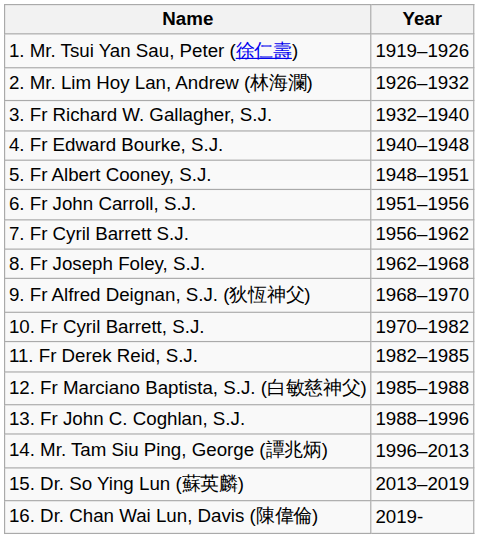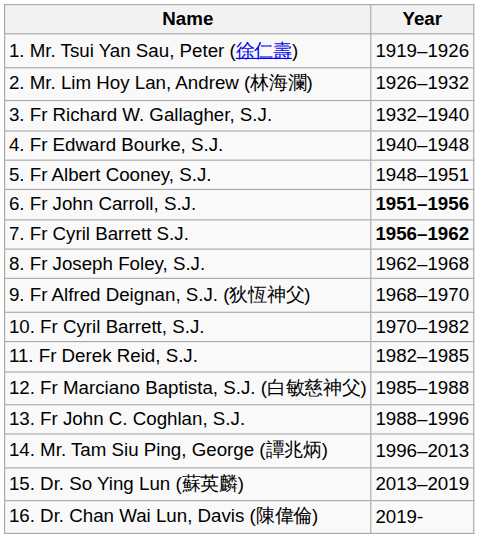 <table class="wikitable">
 <tr>
 <th>Name</th>
 <th>Year</th>
 </tr>
 <tr>
 <td>1. Mr. Tsui Yan Sau, Peter (<a href='#'>徐仁壽</a>)</td>
 <td>1919–1926</td>
 </tr>
 <tr>
 <td>2. Mr. Lim Hoy Lan, Andrew (林海瀾)</td>
 <td>1926–1932</td>
 </tr>
 <tr>
 <td>3. Fr Richard W. Gallagher, S.J.</td>
 <td>1932–1940</td>
 </tr>
 <tr>
 <td>4. Fr Edward Bourke, S.J.</td>
 <td>1940–1948</td>
 </tr>
 <tr>
 <td>5. Fr Albert Cooney, S.J.</td>
 <td>1948–1951</td>
 </tr>
 <tr>
 <td>6. Fr John Carroll, S.J.</td>
-<td>1951–1956</td>
+<td><strong>1951–1956</strong></td>
 </tr>
 <tr>
 <td>7. Fr Cyril Barrett S.J.</td>
-<td>1956–1962</td>
+<td><strong>1956–1962</strong></td>
 </tr>
 <tr>
 <td>8. Fr Joseph Foley, S.J.</td>
 <td>1962–1968</td>
 </tr>
 <tr>
 <td>9. Fr Alfred Deignan, S.J. (狄恆神父)</td>
 <td>1968–1970</td>
 </tr>
 <tr>
 <td>10. Fr Cyril Barrett, S.J.</td>
 <td>1970–1982</td>
 </tr>
 <tr>
 <td>11. Fr Derek Reid, S.J.</td>
 <td>1982–1985</td>
 </tr>
 <tr>
 <td>12. Fr Marciano Baptista, S.J. (白敏慈神父)</td>
 <td>1985–1988</td>
 </tr>
 <tr>
 <td>13. Fr John C. Coghlan, S.J.</td>
 <td>1988–1996</td>
 </tr>
 <tr>
 <td>14. Mr. Tam Siu Ping, George (譚兆炳)</td>
 <td>1996–2013</td>
 </tr>
 <tr>
 <td>15. Dr. So Ying Lun (蘇英麟)</td>
 <td>2013–2019</td>
 </tr>
 <tr>
 <td>16. Dr. Chan Wai Lun, Davis (陳偉倫)</td>
 <td>2019-</td>
 </tr>
 </table>
